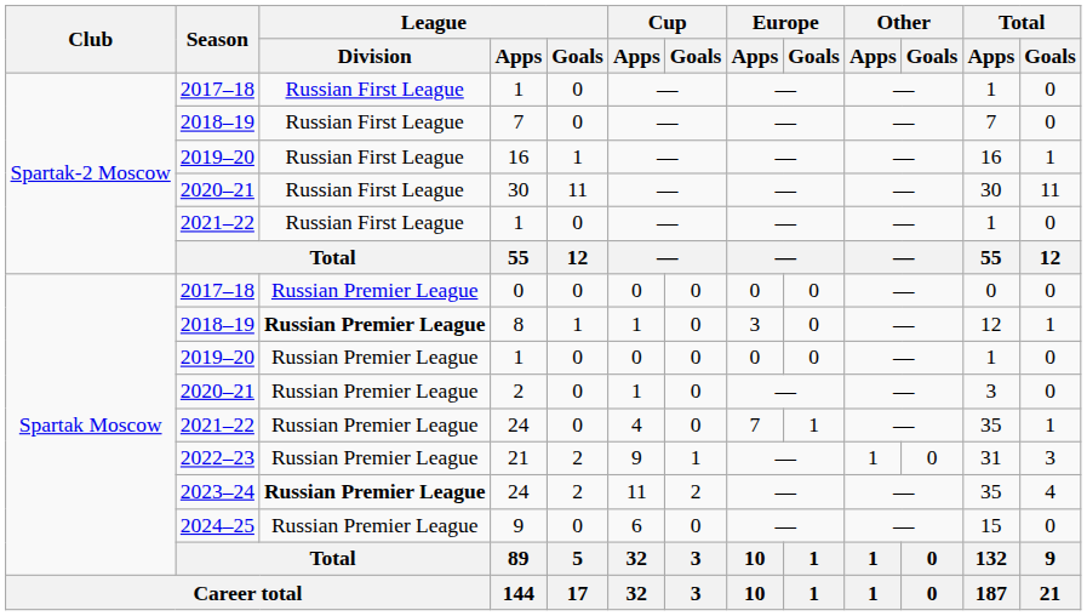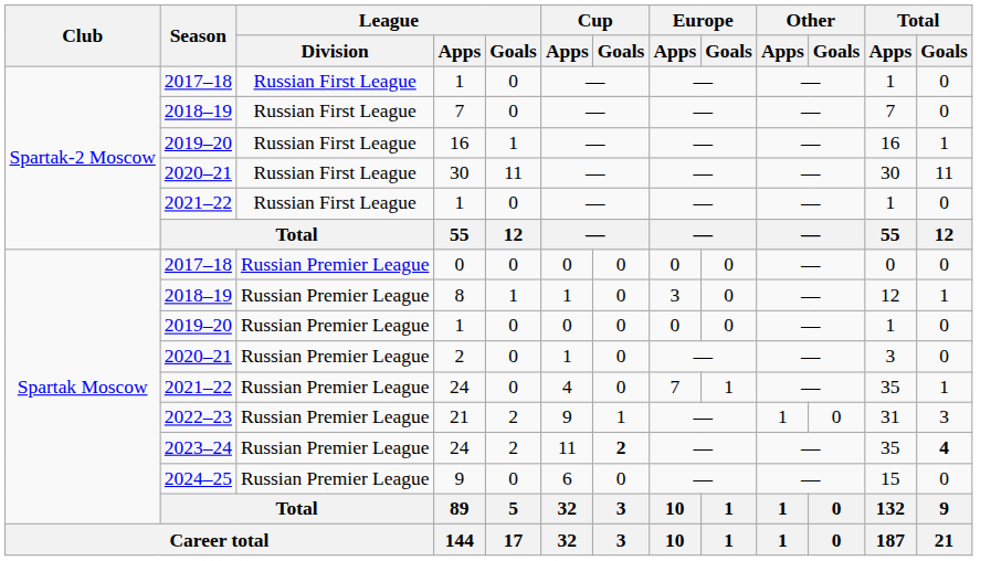 <table class=wikitable style=text-align:center>
 <tr>
 <th rowspan="2">Club</th>
 <th rowspan="2">Season</th>
 <th colspan="3">League</th>
 <th colspan="2">Cup</th>
 <th colspan="2">Europe</th>
 <th colspan="2">Other</th>
 <th colspan="2">Total</th>
 </tr>
 <tr>
 <th>Division</th>
 <th>Apps</th>
 <th>Goals</th>
 <th>Apps</th>
 <th>Goals</th>
 <th>Apps</th>
 <th>Goals</th>
 <th>Apps</th>
 <th>Goals</th>
 <th>Apps</th>
 <th>Goals</th>
 </tr>
 <tr>
 <td rowspan="6"><a href='#'>Spartak-2 Moscow</a></td>
 <td><a href='#'>2017–18</a></td>
 <td><a href='#'>Russian First League</a></td>
 <td>1</td>
 <td>0</td>
 <td colspan="2">—</td>
 <td colspan="2">—</td>
 <td colspan="2">—</td>
 <td>1</td>
 <td>0</td>
 </tr>
 <tr>
 <td><a href='#'>2018–19</a></td>
 <td>Russian First League</td>
 <td>7</td>
 <td>0</td>
 <td colspan="2">—</td>
 <td colspan="2">—</td>
 <td colspan="2">—</td>
 <td>7</td>
 <td>0</td>
 </tr>
 <tr>
 <td><a href='#'>2019–20</a></td>
 <td>Russian First League</td>
 <td>16</td>
 <td>1</td>
 <td colspan="2">—</td>
 <td colspan="2">—</td>
 <td colspan="2">—</td>
 <td>16</td>
 <td>1</td>
 </tr>
 <tr>
 <td><a href='#'>2020–21</a></td>
 <td>Russian First League</td>
 <td>30</td>
 <td>11</td>
 <td colspan="2">—</td>
 <td colspan="2">—</td>
 <td colspan="2">—</td>
 <td>30</td>
 <td>11</td>
 </tr>
 <tr>
 <td><a href='#'>2021–22</a></td>
 <td>Russian First League</td>
 <td>1</td>
 <td>0</td>
 <td colspan="2">—</td>
 <td colspan="2">—</td>
 <td colspan="2">—</td>
 <td>1</td>
 <td>0</td>
 </tr>
 <tr>
 <th colspan="2">Total</th>
 <th>55</th>
 <th>12</th>
 <th colspan="2">—</th>
 <th colspan="2">—</th>
 <th colspan="2">—</th>
 <th>55</th>
 <th>12</th>
 </tr>
 <tr>
 <td rowspan="9"><a href='#'>Spartak Moscow</a></td>
 <td><a href='#'>2017–18</a></td>
 <td><a href='#'>Russian Premier League</a></td>
 <td>0</td>
 <td>0</td>
 <td>0</td>
 <td>0</td>
 <td>0</td>
 <td>0</td>
 <td colspan="2">—</td>
 <td>0</td>
 <td>0</td>
 </tr>
 <tr>
 <td><a href='#'>2018–19</a></td>
-<td><strong>Russian Premier League</strong></td>
+<td>Russian Premier League</td>
 <td>8</td>
 <td>1</td>
 <td>1</td>
 <td>0</td>
 <td>3</td>
 <td>0</td>
 <td colspan="2">—</td>
 <td>12</td>
 <td>1</td>
 </tr>
 <tr>
 <td><a href='#'>2019–20</a></td>
 <td>Russian Premier League</td>
 <td>1</td>
 <td>0</td>
 <td>0</td>
 <td>0</td>
 <td>0</td>
 <td>0</td>
 <td colspan="2">—</td>
 <td>1</td>
 <td>0</td>
 </tr>
 <tr>
 <td><a href='#'>2020–21</a></td>
 <td>Russian Premier League</td>
 <td>2</td>
 <td>0</td>
 <td>1</td>
 <td>0</td>
 <td colspan="2">—</td>
 <td colspan="2">—</td>
 <td>3</td>
 <td>0</td>
 </tr>
 <tr>
 <td><a href='#'>2021–22</a></td>
 <td>Russian Premier League</td>
 <td>24</td>
 <td>0</td>
 <td>4</td>
 <td>0</td>
 <td>7</td>
 <td>1</td>
 <td colspan="2">—</td>
 <td>35</td>
 <td>1</td>
 </tr>
 <tr>
 <td><a href='#'>2022–23</a></td>
 <td>Russian Premier League</td>
 <td>21</td>
 <td>2</td>
 <td>9</td>
 <td>1</td>
 <td colspan="2">—</td>
 <td>1</td>
 <td>0</td>
 <td>31</td>
 <td>3</td>
 </tr>
 <tr>
 <td><a href='#'>2023–24</a></td>
-<td><strong>Russian Premier League</strong></td>
+<td>Russian Premier League</td>
 <td>24</td>
 <td>2</td>
 <td>11</td>
-<td>2</td>
+<td><strong>2</strong></td>
 <td colspan="2">—</td>
 <td colspan="2">—</td>
 <td>35</td>
-<td>4</td>
+<td><strong>4</strong></td>
 </tr>
 <tr>
 <td><a href='#'>2024–25</a></td>
 <td>Russian Premier League</td>
 <td>9</td>
 <td>0</td>
 <td>6</td>
 <td>0</td>
 <td colspan="2">—</td>
 <td colspan="2">—</td>
 <td>15</td>
 <td>0</td>
 </tr>
 <tr>
 <th colspan="2">Total</th>
 <th>89</th>
 <th>5</th>
 <th>32</th>
 <th>3</th>
 <th>10</th>
 <th>1</th>
 <th>1</th>
 <th>0</th>
 <th>132</th>
 <th>9</th>
 </tr>
 <tr>
 <th colspan="3">Career total</th>
 <th>144</th>
 <th>17</th>
 <th>32</th>
 <th>3</th>
 <th>10</th>
 <th>1</th>
 <th>1</th>
 <th>0</th>
 <th>187</th>
 <th>21</th>
 </tr>
 </table>
